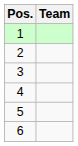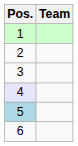 <table class="wikitable">
 <tr>
 <th>Pos.</th>
 <th>Team</th>
 </tr>
 <tr bgcolor="#ccffcc">
 <td align="center">1</td>
 <td></td>
 </tr>
 <tr>
 <td align="center">2</td>
 <td></td>
 </tr>
 <tr>
 <td align="center">3</td>
 <td></td>
 </tr>
 <tr>
-<td align="center">4</td>
+<td align="center" style="background: lavender;">4</td>
 <td></td>
 </tr>
 <tr>
-<td align="center">5</td>
+<td align="center" style="background: lightblue;">5</td>
 <td></td>
 </tr>
 <tr>
 <td align="center">6</td>
 <td></td>
 </tr>
 </table>
